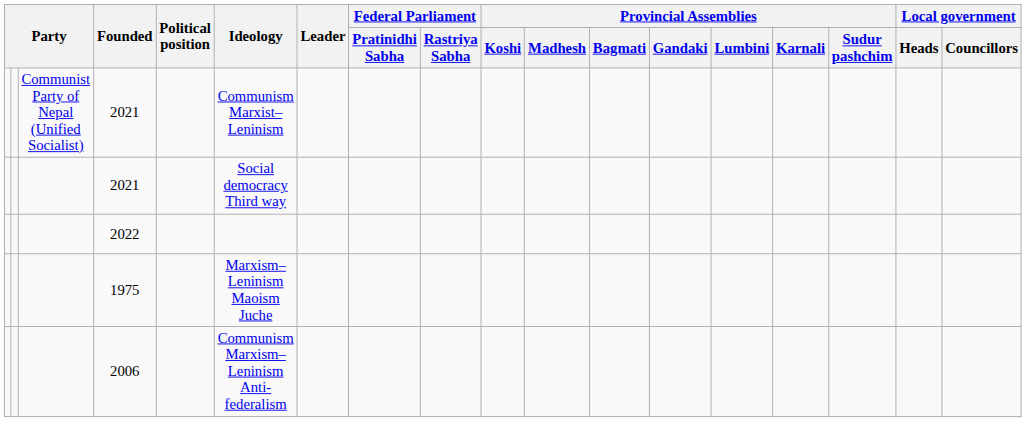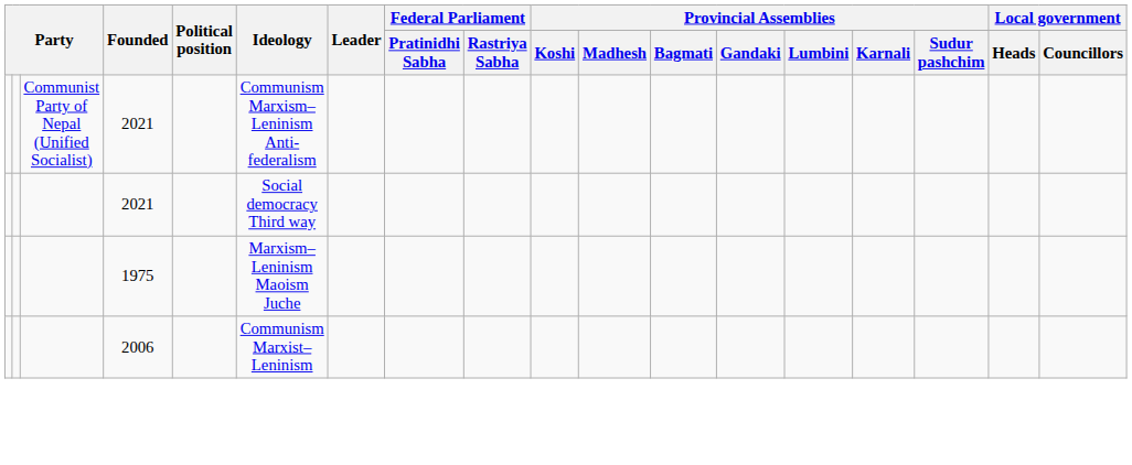 <table class="wikitable sortable" style="text-align: center;">
 <tr>
 <th colspan="3" rowspan="2">Party</th>
 <th rowspan="2">Founded</th>
 <th rowspan="2" scope="col" class="unsortable">Political<br>position</th>
 <th rowspan="2" scope="col" class="unsortable">Ideology</th>
 <th rowspan="2" class="unsortable">Leader</th>
 <th colspan="2"><a href='#'>Federal Parliament</a></th>
 <th colspan="7"><a href='#'>Provincial Assemblies</a></th>
 <th colspan="2"><a href='#'>Local government</a></th>
 </tr>
 <tr>
 <th data-sort-type="number"><a href='#'>Pratinidhi<br>Sabha</a></th>
 <th data-sort-type="number"><a href='#'>Rastriya<br>Sabha</a></th>
 <th data-sort-type="number"><a href='#'>Koshi</a></th>
 <th data-sort-type="number"><a href='#'>Madhesh</a></th>
 <th data-sort-type="number"><a href='#'>Bagmati</a></th>
 <th data-sort-type="number"><a href='#'>Gandaki</a></th>
 <th data-sort-type="number"><a href='#'>Lumbini</a></th>
 <th data-sort-type="number"><a href='#'>Karnali</a></th>
 <th data-sort-type="number"><a href='#'>Sudur<br>pashchim</a></th>
 <th data-sort-type="number">Heads</th>
 <th data-sort-type="number">Councillors</th>
 </tr>
 <tr>
 <td bgcolor=></td>
 <td></td>
 <td><a href='#'>Communist Party of Nepal (Unified Socialist)</a><br></td>
 <td>2021</td>
 <td></td>
-<td><a href='#'>Communism</a><br><a href='#'>Marxist–Leninism</a><br></td>
+<td><a href='#'>Communism</a><br><a href='#'>Marxism–Leninism</a><br><a href='#'>Anti-federalism</a></td>
 <td></td>
 <td></td>
 <td></td>
 <td></td>
 <td></td>
 <td></td>
 <td></td>
 <td></td>
 <td></td>
 <td></td>
 <td></td>
 <td></td>
 </tr>
 <tr>
 <td></td>
 <td></td>
 <td><br><br></td>
 <td>2021</td>
 <td></td>
 <td><a href='#'>Social democracy</a><br><a href='#'>Third way</a></td>
-<td></td>
-<td></td>
-<td></td>
-<td></td>
-<td></td>
-<td></td>
-<td></td>
-<td></td>
-<td></td>
-<td></td>
-<td></td>
-<td></td>
-</tr>
-<tr>
-<td bgcolor=></td>
-<td></td>
-<td><br><br></td>
-<td>2022</td>
-<td></td>
-<td><br></td>
 <td></td>
 <td></td>
 <td></td>
 <td></td>
 <td></td>
 <td></td>
 <td></td>
 <td></td>
 <td></td>
 <td></td>
 <td></td>
 <td></td>
 </tr>
 <tr>
 <td></td>
 <td></td>
 <td><br><br></td>
 <td>1975</td>
 <td></td>
 <td><a href='#'>Marxism–Leninism</a><br><a href='#'>Maoism</a><br><a href='#'>Juche</a></td>
 <td></td>
 <td></td>
 <td></td>
 <td></td>
 <td></td>
 <td></td>
 <td></td>
 <td></td>
 <td></td>
 <td></td>
 <td></td>
 <td></td>
 </tr>
 <tr>
 <td bgcolor=></td>
 <td></td>
 <td><br><br></td>
 <td>2006</td>
 <td></td>
-<td><a href='#'>Communism</a><br><a href='#'>Marxism–Leninism</a><br><a href='#'>Anti-federalism</a></td>
+<td><a href='#'>Communism</a><br><a href='#'>Marxist–Leninism</a><br></td>
 <td></td>
 <td></td>
 <td></td>
 <td></td>
 <td></td>
 <td></td>
 <td></td>
 <td></td>
 <td></td>
 <td></td>
 <td></td>
 <td></td>
 </tr>
 </table>
